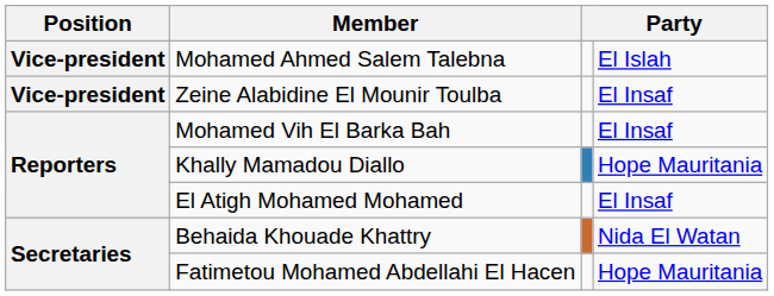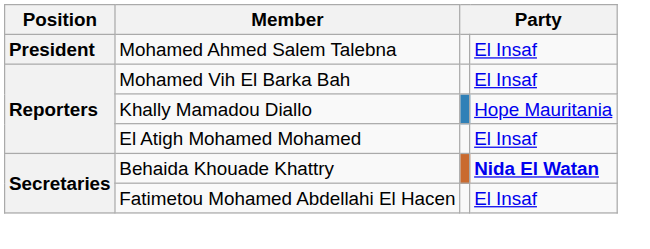 <table class="wikitable" style="text-align:left;font-size:95%;">
 <tr>
 <th>Position</th>
 <th>Member</th>
 <th colspan=2>Party</th>
 </tr>
 <tr>
-<th style="text-align:left;">Vice-president</th>
+<th style="text-align:left;">President</th>
 <td>Mohamed Ahmed Salem Talebna</td>
-<td width="1" style="color:inherit;background:"></td>
-<td style="text-align:left;"><a href='#'>El Islah</a></td>
-</tr>
-<tr>
-<th style="text-align:left;">Vice-president</th>
-<td>Zeine Alabidine El Mounir Toulba</td>
 <td width="1" style="color:inherit;background:"></td>
 <td style="text-align:left;"><a href='#'>El Insaf</a></td>
 </tr>
 <tr>
 <th style="text-align:left;" rowspan=3>Reporters</th>
 <td>Mohamed Vih El Barka Bah</td>
 <td width="1" style="color:inherit;background:"></td>
 <td style="text-align:left;"><a href='#'>El Insaf</a></td>
 </tr>
 <tr>
 <td>Khally Mamadou Diallo</td>
 <td width="1" style="color:inherit;background:#3080B7;"></td>
 <td style="text-align:left;"><a href='#'>Hope Mauritania</a></td>
 </tr>
 <tr>
 <td>El Atigh Mohamed Mohamed</td>
 <td width="1" style="color:inherit;background:"></td>
 <td style="text-align:left;"><a href='#'>El Insaf</a></td>
 </tr>
 <tr>
 <th style="text-align:left;" rowspan=2>Secretaries</th>
 <td>Behaida Khouade Khattry</td>
 <td width="1" style="color:inherit;background:#C96A2F;"></td>
-<td style="text-align:left;"><a href='#'>Nida El Watan</a></td>
+<td style="text-align:left;"><strong><a href='#'>Nida El Watan</a></strong></td>
 </tr>
 <tr>
 <td>Fatimetou Mohamed Abdellahi El Hacen</td>
 <td width="1" style="color:inherit;background:"></td>
-<td style="text-align:left;"><a href='#'>Hope Mauritania</a></td>
+<td style="text-align:left;"><a href='#'>El Insaf</a></td>
 </tr>
 </table>
